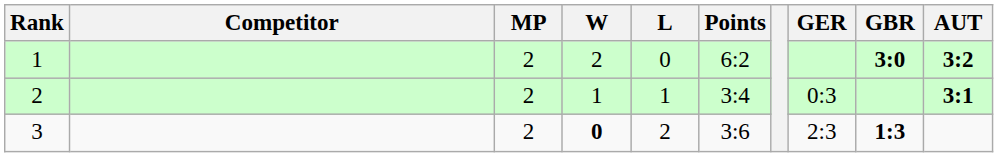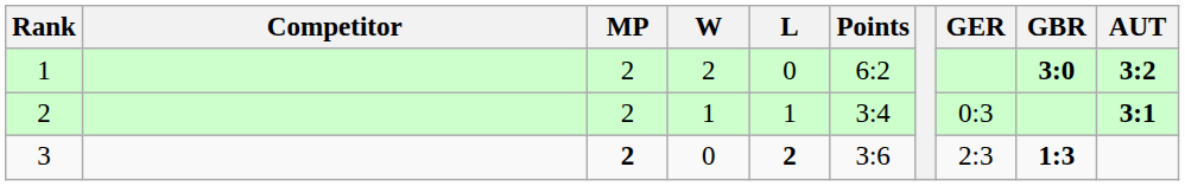 <table class="wikitable" style="text-align:center">
 <tr>
 <th>Rank</th>
 <th style="width:18em">Competitor</th>
 <th style="width:2.5em">MP</th>
 <th style="width:2.5em">W</th>
 <th style="width:2.5em">L</th>
 <th>Points</th>
 <th rowspan="4"> </th>
 <th style="width:2.5em">GER</th>
 <th style="width:2.5em">GBR</th>
 <th style="width:2.5em">AUT</th>
 </tr>
 <tr style="background:#cfc;">
 <td>1</td>
 <td style="text-align:left"></td>
 <td>2</td>
 <td>2</td>
 <td>0</td>
 <td>6:2</td>
 <td></td>
 <td><strong>3:0</strong></td>
 <td><strong>3:2</strong></td>
 </tr>
 <tr style="background:#cfc;">
 <td>2</td>
 <td style="text-align:left"></td>
 <td>2</td>
 <td>1</td>
 <td>1</td>
 <td>3:4</td>
 <td>0:3</td>
 <td></td>
 <td><strong>3:1</strong></td>
 </tr>
 <tr>
 <td>3</td>
 <td style="text-align:left"></td>
-<td>2</td>
-<td><strong>0</strong></td>
-<td>2</td>
+<td><strong>2</strong></td>
+<td>0</td>
+<td><strong>2</strong></td>
 <td>3:6</td>
 <td>2:3</td>
 <td><strong>1:3</strong></td>
 <td></td>
 </tr>
 </table>
